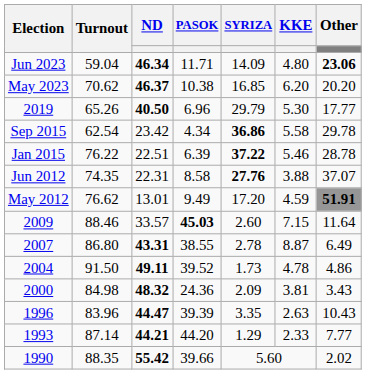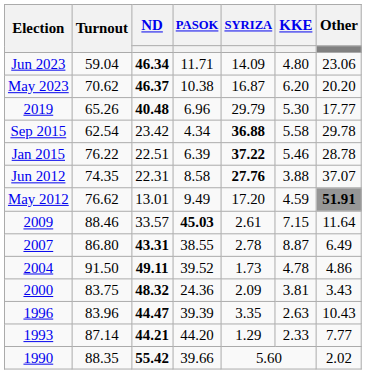 <table class="wikitable collapsible" style="text-align:center; font-size:95%; line-height:16px;">
 <tr style="height:42px;">
 <th rowspan="2">Election</th>
 <th rowspan="2" style="width:50px;">Turnout</th>
 <th style="width:35px;"><a href='#'>ND</a></th>
 <th style="width:35px; font-size:85%;"><a href='#'>PASOK</a></th>
 <th style="width:35px; font-size:85%;"><a href='#'>SYRIZA</a></th>
 <th style="width:35px;"><a href='#'>KKE</a></th>
 <th style="width:35px;">Other</th>
 </tr>
 <tr>
 <th style="color:inherit;background:"></th>
 <th style="color:inherit;background:"></th>
 <th style="color:inherit;background:"></th>
 <th style="color:inherit;background:"></th>
 <th style="color:inherit;background:Grey;"></th>
 </tr>
 <tr>
 <td><a href='#'>Jun 2023</a></td>
 <td>59.04</td>
 <td><strong>46.34</strong></td>
 <td>11.71</td>
 <td>14.09</td>
 <td>4.80</td>
-<td><strong>23.06</strong></td>
+<td>23.06</td>
 </tr>
 <tr>
 <td><a href='#'>May 2023</a></td>
 <td>70.62</td>
 <td><strong>46.37</strong></td>
 <td>10.38</td>
-<td>16.85</td>
+<td>16.87</td>
 <td>6.20</td>
 <td>20.20</td>
 </tr>
 <tr>
 <td><a href='#'>2019</a></td>
 <td>65.26</td>
-<td><strong>40.50</strong></td>
+<td><strong>40.48</strong></td>
 <td>6.96</td>
 <td>29.79</td>
 <td>5.30</td>
 <td>17.77</td>
 </tr>
 <tr>
 <td><a href='#'>Sep 2015</a></td>
 <td>62.54</td>
 <td>23.42</td>
 <td>4.34</td>
-<td><strong>36.86</strong></td>
+<td><strong>36.88</strong></td>
 <td>5.58</td>
 <td>29.78</td>
 </tr>
 <tr>
 <td><a href='#'>Jan 2015</a></td>
 <td>76.22</td>
 <td>22.51</td>
 <td>6.39</td>
 <td><strong>37.22</strong></td>
 <td>5.46</td>
 <td>28.78</td>
 </tr>
 <tr>
 <td><a href='#'>Jun 2012</a></td>
 <td>74.35</td>
 <td>22.31</td>
 <td>8.58</td>
 <td><strong>27.76</strong></td>
 <td>3.88</td>
 <td>37.07</td>
 </tr>
 <tr>
 <td><a href='#'>May 2012</a></td>
 <td>76.62</td>
 <td>13.01</td>
 <td>9.49</td>
 <td>17.20</td>
 <td>4.59</td>
 <td style="background:#969696;"><strong>51.91</strong></td>
 </tr>
 <tr>
 <td><a href='#'>2009</a></td>
 <td>88.46</td>
 <td>33.57</td>
 <td><strong>45.03</strong></td>
-<td>2.60</td>
+<td>2.61</td>
 <td>7.15</td>
 <td>11.64</td>
 </tr>
 <tr>
 <td><a href='#'>2007</a></td>
 <td>86.80</td>
 <td><strong>43.31</strong></td>
 <td>38.55</td>
 <td>2.78</td>
 <td>8.87</td>
 <td>6.49</td>
 </tr>
 <tr>
 <td><a href='#'>2004</a></td>
 <td>91.50</td>
 <td><strong>49.11</strong></td>
 <td>39.52</td>
 <td>1.73</td>
 <td>4.78</td>
 <td>4.86</td>
 </tr>
 <tr>
 <td><a href='#'>2000</a></td>
-<td>84.98</td>
+<td>83.75</td>
 <td><strong>48.32</strong></td>
 <td>24.36</td>
 <td>2.09</td>
 <td>3.81</td>
 <td>3.43</td>
 </tr>
 <tr>
 <td><a href='#'>1996</a></td>
 <td>83.96</td>
 <td><strong>44.47</strong></td>
 <td>39.39</td>
 <td>3.35</td>
 <td>2.63</td>
 <td>10.43</td>
 </tr>
 <tr>
 <td><a href='#'>1993</a></td>
 <td>87.14</td>
 <td><strong>44.21</strong></td>
 <td>44.20</td>
 <td>1.29</td>
 <td>2.33</td>
 <td>7.77</td>
 </tr>
 <tr>
 <td><a href='#'>1990</a></td>
 <td>88.35</td>
 <td><strong>55.42</strong></td>
 <td>39.66</td>
 <td colspan="2">5.60</td>
 <td>2.02</td>
 </tr>
 </table>
